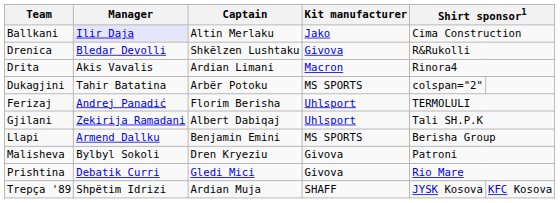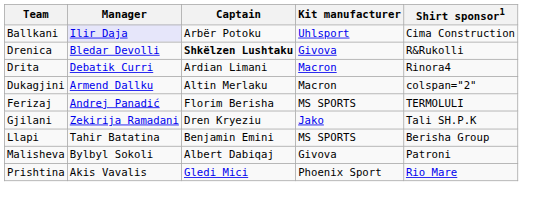 <table class="wikitable">
 <tr>
 <th>Team</th>
 <th>Manager</th>
 <th>Captain</th>
 <th>Kit manufacturer</th>
 <th colspan="2">Shirt sponsor<sup>1</sup></th>
 </tr>
 <tr>
 <td>Ballkani</td>
 <td style="background: lavender;"> <a href='#'>Ilir Daja</a></td>
-<td> Altin Merlaku</td>
-<td> <a href='#'>Jako</a></td>
+<td> Arbër Potoku</td>
+<td> <a href='#'>Uhlsport</a></td>
 <td colspan="2"> Cima Construction</td>
 </tr>
 <tr>
 <td>Drenica</td>
 <td> <a href='#'>Bledar Devolli</a></td>
-<td> Shkëlzen Lushtaku</td>
+<td><strong> Shkëlzen Lushtaku</strong></td>
 <td> <a href='#'>Givova</a></td>
 <td colspan="2"> R&Rukolli</td>
 </tr>
 <tr>
 <td>Drita</td>
-<td> Akis Vavalis</td>
+<td> <a href='#'>Debatik Curri</a></td>
 <td> Ardian Limani</td>
 <td> <a href='#'>Macron</a></td>
 <td colspan="2"> Rinora4</td>
 </tr>
 <tr>
 <td>Dukagjini</td>
-<td> Tahir Batatina</td>
-<td> Arbër Potoku</td>
-<td> MS SPORTS</td>
+<td> <a href='#'>Armend Dallku</a></td>
+<td> Altin Merlaku</td>
+<td> Macron</td>
 <td>colspan="2" </td>
 </tr>
 <tr>
 <td>Ferizaj</td>
 <td> <a href='#'>Andrej Panadić</a></td>
 <td> Florim Berisha</td>
-<td> <a href='#'>Uhlsport</a></td>
+<td> MS SPORTS</td>
 <td colspan="2"> TERMOLULI</td>
 </tr>
 <tr>
 <td>Gjilani</td>
 <td> <a href='#'>Zekirija Ramadani</a></td>
-<td> Albert Dabiqaj</td>
-<td> <a href='#'>Uhlsport</a></td>
+<td> Dren Kryeziu</td>
+<td> <a href='#'>Jako</a></td>
 <td colspan="2"> Tali SH.P.K</td>
 </tr>
 <tr>
 <td>Llapi</td>
-<td> <a href='#'>Armend Dallku</a></td>
+<td> Tahir Batatina</td>
 <td> Benjamin Emini</td>
 <td> MS SPORTS</td>
 <td colspan="2"> Berisha Group</td>
 </tr>
 <tr>
 <td>Malisheva</td>
 <td> Bylbyl Sokoli</td>
-<td> Dren Kryeziu</td>
+<td> Albert Dabiqaj</td>
 <td> Givova</td>
 <td colspan="2"> Patroni</td>
 </tr>
 <tr>
 <td>Prishtina</td>
-<td> <a href='#'>Debatik Curri</a></td>
+<td> Akis Vavalis</td>
 <td> <a href='#'>Gledi Mici</a></td>
-<td> Givova</td>
+<td> Phoenix Sport</td>
 <td colspan="2"> <a href='#'>Rio Mare</a></td>
 </tr>
-<tr>
-<td>Trepça '89</td>
-<td> Shpëtim Idrizi</td>
-<td> Ardian Muja</td>
-<td> SHAFF</td>
-<td> <a href='#'>JYSK</a> Kosova</td>
-<td> <a href='#'>KFC</a> Kosova</td>
-</tr>
 </table>
